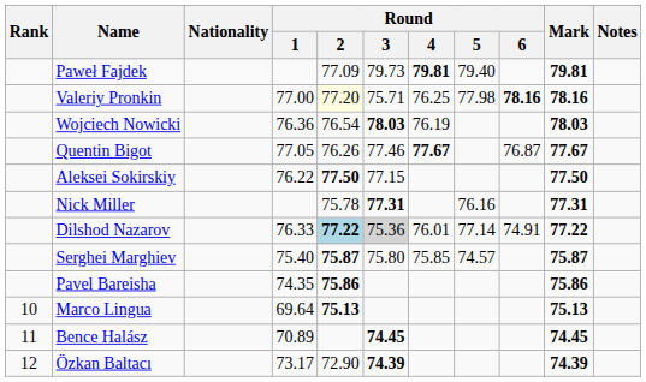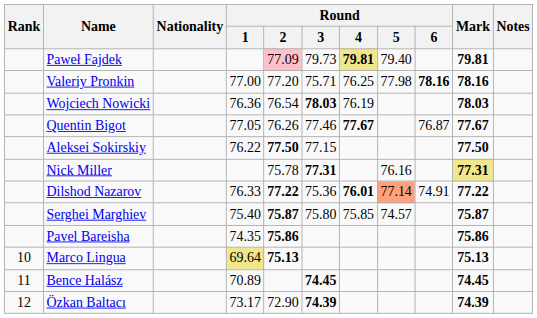 <table class="wikitable sortable" style="text-align:center">
 <tr>
 <th rowspan=2>Rank</th>
 <th rowspan=2>Name</th>
 <th rowspan=2>Nationality</th>
 <th colspan=6>Round</th>
 <th rowspan=2>Mark</th>
 <th rowspan=2>Notes</th>
 </tr>
 <tr>
 <th>1</th>
 <th>2</th>
 <th>3</th>
 <th>4</th>
 <th>5</th>
 <th>6</th>
 </tr>
 <tr>
 <td></td>
 <td style="text-align:left;"><a href='#'>Paweł Fajdek</a></td>
 <td style="text-align:left;"></td>
 <td></td>
-<td>77.09</td>
+<td style="background: pink;">77.09</td>
 <td>79.73</td>
-<td><strong>79.81</strong></td>
+<td style="background: khaki;"><strong>79.81</strong></td>
 <td>79.40</td>
 <td></td>
 <td><strong>79.81</strong></td>
 <td></td>
 </tr>
 <tr>
 <td></td>
 <td style="text-align:left;"><a href='#'>Valeriy Pronkin</a></td>
 <td style="text-align:left;"></td>
 <td>77.00</td>
-<td style="background: lightyellow;">77.20</td>
+<td>77.20</td>
 <td>75.71</td>
 <td>76.25</td>
 <td>77.98</td>
 <td><strong>78.16</strong></td>
 <td><strong>78.16</strong></td>
 <td></td>
 </tr>
 <tr>
 <td></td>
 <td style="text-align:left;"><a href='#'>Wojciech Nowicki</a></td>
 <td style="text-align:left;"></td>
 <td>76.36</td>
 <td>76.54</td>
 <td><strong>78.03</strong></td>
 <td>76.19</td>
 <td></td>
 <td></td>
 <td><strong>78.03</strong></td>
 <td></td>
 </tr>
 <tr>
 <td></td>
 <td style="text-align:left;"><a href='#'>Quentin Bigot</a></td>
 <td style="text-align:left;"></td>
 <td>77.05</td>
 <td>76.26</td>
 <td>77.46</td>
 <td><strong>77.67</strong></td>
 <td></td>
 <td>76.87</td>
 <td><strong>77.67</strong></td>
 <td></td>
 </tr>
 <tr>
 <td></td>
 <td style="text-align:left;"><a href='#'>Aleksei Sokirskiy</a></td>
 <td style="text-align:left;"></td>
 <td>76.22</td>
 <td><strong>77.50</strong></td>
 <td>77.15</td>
 <td></td>
 <td></td>
 <td></td>
 <td><strong>77.50</strong></td>
 <td></td>
 </tr>
 <tr>
 <td></td>
 <td style="text-align:left;"><a href='#'>Nick Miller</a></td>
 <td style="text-align:left;"></td>
 <td></td>
 <td>75.78</td>
 <td><strong>77.31</strong></td>
 <td></td>
 <td>76.16</td>
 <td></td>
-<td><strong>77.31</strong></td>
+<td style="background: khaki;"><strong>77.31</strong></td>
 <td></td>
 </tr>
 <tr>
 <td></td>
 <td style="text-align:left;"><a href='#'>Dilshod Nazarov</a></td>
 <td style="text-align:left;"></td>
 <td>76.33</td>
-<td style="background: lightblue;"><strong>77.22</strong></td>
-<td style="background: lightgrey;">75.36</td>
-<td>76.01</td>
-<td>77.14</td>
+<td><strong>77.22</strong></td>
+<td>75.36</td>
+<td><strong>76.01</strong></td>
+<td style="background: lightsalmon;">77.14</td>
 <td>74.91</td>
 <td><strong>77.22</strong></td>
 <td></td>
 </tr>
 <tr>
 <td></td>
 <td style="text-align:left;"><a href='#'>Serghei Marghiev</a></td>
 <td style="text-align:left;"></td>
 <td>75.40</td>
 <td><strong>75.87</strong></td>
 <td>75.80</td>
 <td>75.85</td>
 <td>74.57</td>
 <td></td>
 <td><strong>75.87</strong></td>
 <td></td>
 </tr>
 <tr>
 <td></td>
 <td style="text-align:left;"><a href='#'>Pavel Bareisha</a></td>
 <td style="text-align:left;"></td>
 <td>74.35</td>
 <td><strong>75.86</strong></td>
 <td></td>
 <td></td>
 <td></td>
 <td></td>
 <td><strong>75.86</strong></td>
 <td></td>
 </tr>
 <tr>
 <td>10</td>
 <td style="text-align:left;"><a href='#'>Marco Lingua</a></td>
 <td style="text-align:left;"></td>
-<td>69.64</td>
+<td style="background: khaki;">69.64</td>
 <td><strong>75.13</strong></td>
 <td></td>
 <td></td>
 <td></td>
 <td></td>
 <td><strong>75.13</strong></td>
 <td></td>
 </tr>
 <tr>
 <td>11</td>
 <td style="text-align:left;"><a href='#'>Bence Halász</a></td>
 <td style="text-align:left;"></td>
 <td>70.89</td>
 <td></td>
 <td><strong>74.45</strong></td>
 <td></td>
 <td></td>
 <td></td>
 <td><strong>74.45</strong></td>
 <td></td>
 </tr>
 <tr>
 <td>12</td>
 <td style="text-align:left;"><a href='#'>Özkan Baltacı</a></td>
 <td style="text-align:left;"></td>
 <td>73.17</td>
 <td>72.90</td>
 <td><strong>74.39</strong></td>
 <td></td>
 <td></td>
 <td></td>
 <td><strong>74.39</strong></td>
 <td></td>
 </tr>
 </table>
